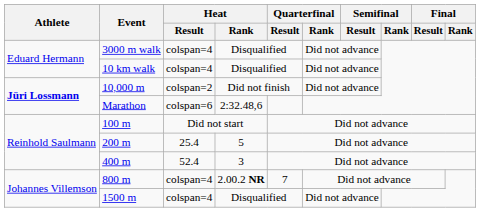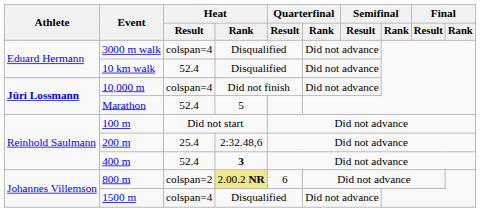 <table class="wikitable" style="font-size:90%">
 <tr>
 <th rowspan="2">Athlete</th>
 <th rowspan="2">Event</th>
 <th colspan="2">Heat</th>
 <th colspan="2">Quarterfinal</th>
 <th colspan="2">Semifinal</th>
 <th colspan="2">Final</th>
 </tr>
 <tr style="font-size:95%">
 <th>Result</th>
 <th>Rank</th>
 <th>Result</th>
 <th>Rank</th>
 <th>Result</th>
 <th>Rank</th>
 <th>Result</th>
 <th>Rank</th>
 </tr>
 <tr align=center>
 <td align=left rowspan=2><a href='#'>Eduard Hermann</a></td>
 <td align=left><a href='#'>3000 m walk</a></td>
 <td>colspan=4 </td>
 <td colspan=2>Disqualified</td>
 <td colspan=2>Did not advance</td>
 </tr>
 <tr align=center>
 <td align=left><a href='#'>10 km walk</a></td>
-<td>colspan=4 </td>
+<td>52.4</td>
 <td colspan=2>Disqualified</td>
 <td colspan=2>Did not advance</td>
 </tr>
 <tr align=center>
 <td align=left rowspan=2><strong><a href='#'>Jüri Lossmann</a></strong></td>
 <td align=left><a href='#'>10,000 m</a></td>
-<td>colspan=2 </td>
+<td>colspan=4 </td>
 <td colspan=2>Did not finish</td>
 <td colspan=2>Did not advance</td>
 </tr>
 <tr align=center>
 <td align=left><a href='#'>Marathon</a></td>
-<td>colspan=6 </td>
-<td>2:32.48,6</td>
+<td>52.4</td>
+<td>5</td>
 <td></td>
 </tr>
 <tr align=center>
 <td align=left rowspan=3><a href='#'>Reinhold Saulmann</a></td>
 <td align=left><a href='#'>100 m</a></td>
 <td colspan=2>Did not start</td>
 <td colspan=6>Did not advance</td>
 </tr>
 <tr align=center>
 <td align=left><a href='#'>200 m</a></td>
 <td>25.4</td>
-<td>5</td>
+<td>2:32.48,6</td>
 <td colspan=6>Did not advance</td>
 </tr>
 <tr align=center>
 <td align=left><a href='#'>400 m</a></td>
 <td>52.4</td>
-<td>3</td>
+<td><strong>3</strong></td>
 <td colspan=6>Did not advance</td>
 </tr>
 <tr align=center>
 <td align=left rowspan=2><a href='#'>Johannes Villemson</a></td>
 <td align=left><a href='#'>800 m</a></td>
-<td>colspan=4 </td>
-<td>2.00.2 <strong>NR</strong></td>
-<td>7</td>
+<td>colspan=2 </td>
+<td style="background: khaki;">2.00.2 <strong>NR</strong></td>
+<td>6</td>
 <td colspan=4>Did not advance</td>
 </tr>
 <tr align=center>
 <td align=left><a href='#'>1500 m</a></td>
 <td>colspan=4 </td>
 <td colspan=2>Disqualified</td>
 <td colspan=2>Did not advance</td>
 </tr>
 </table>
